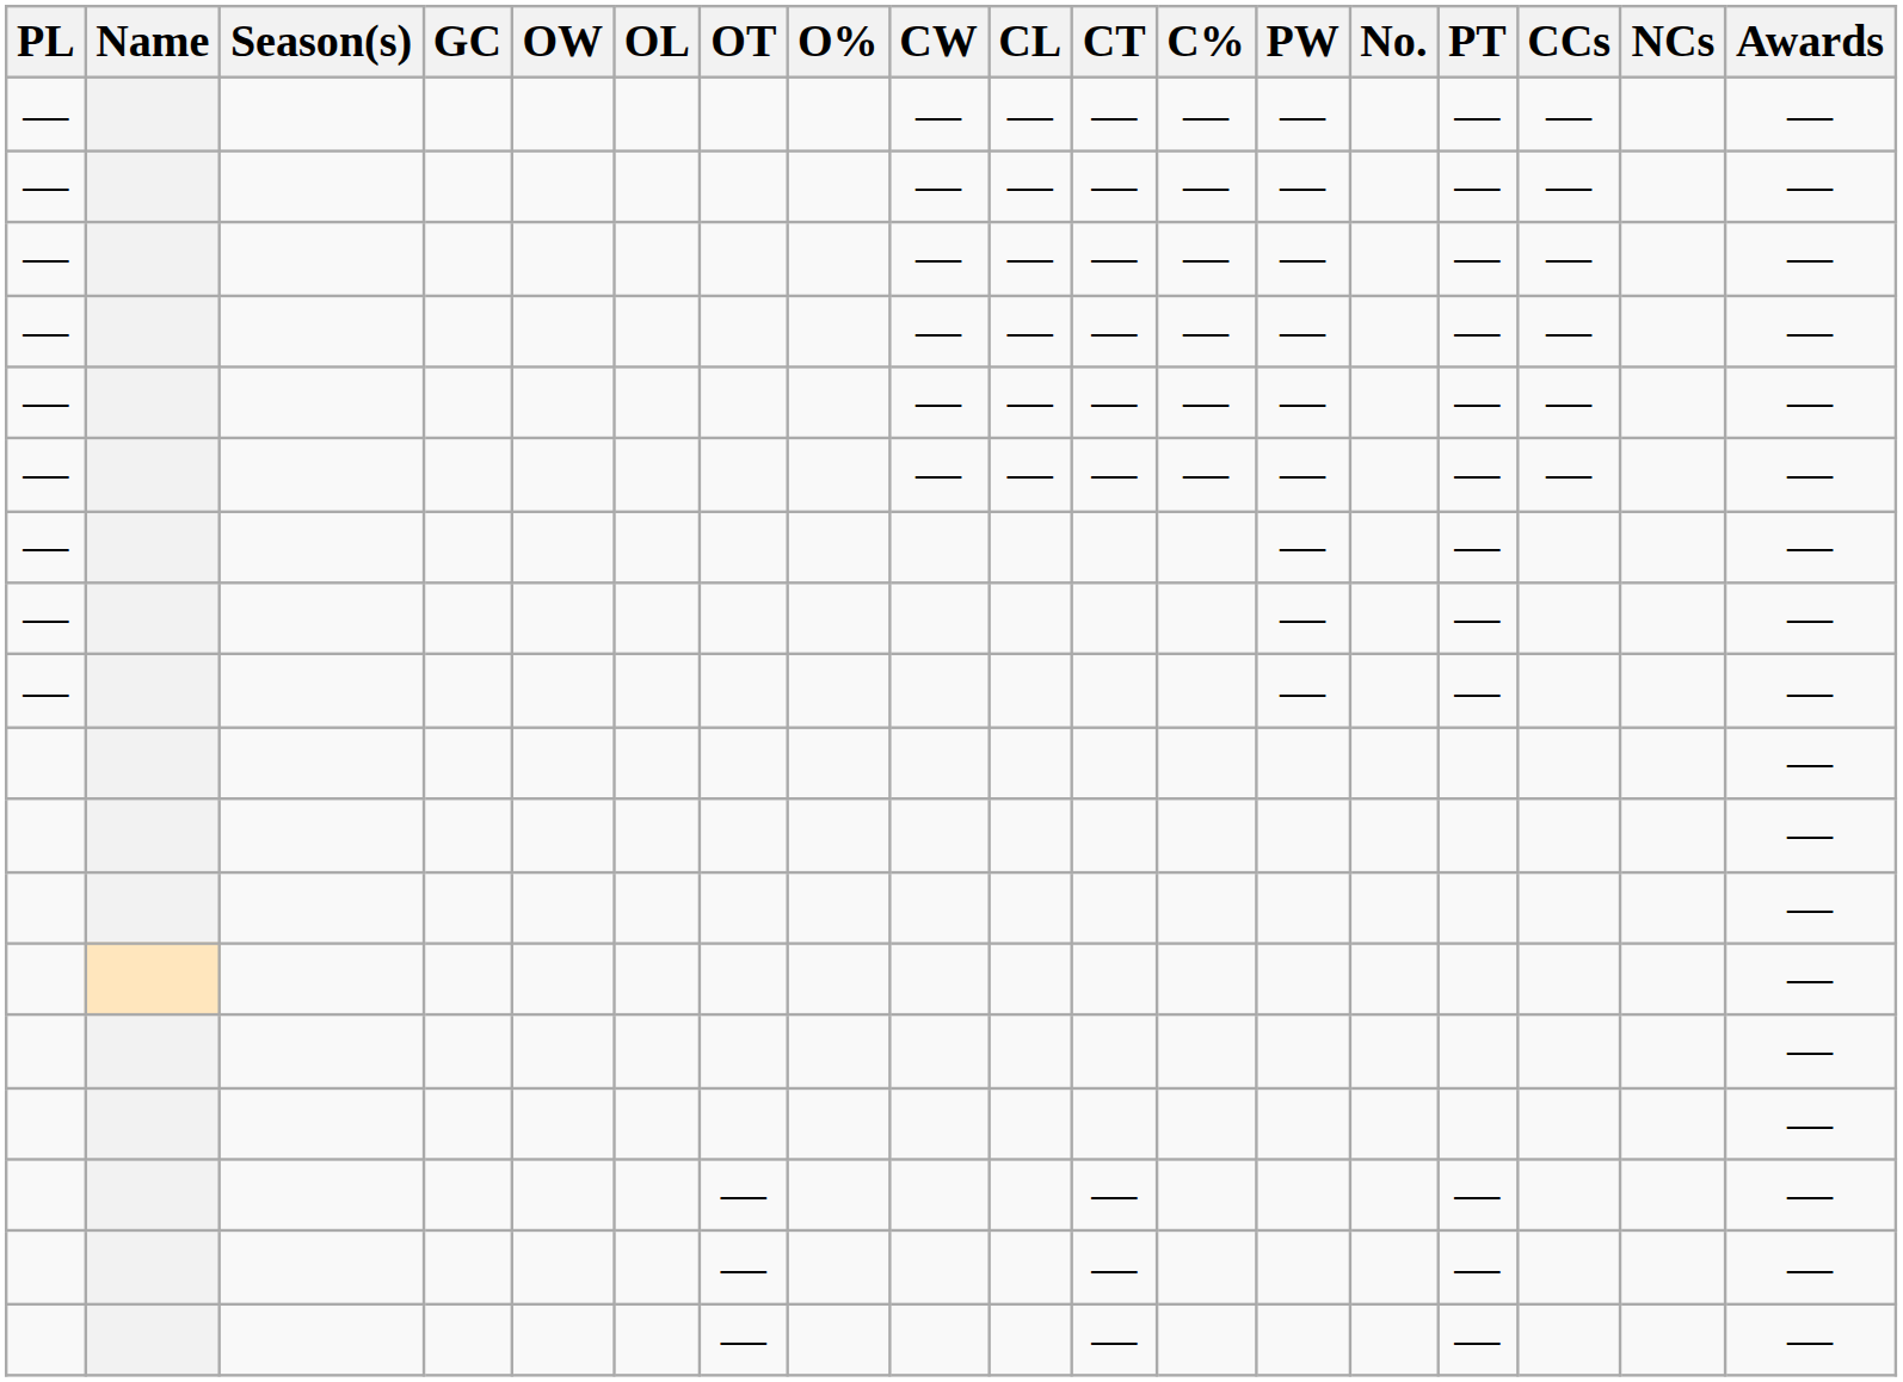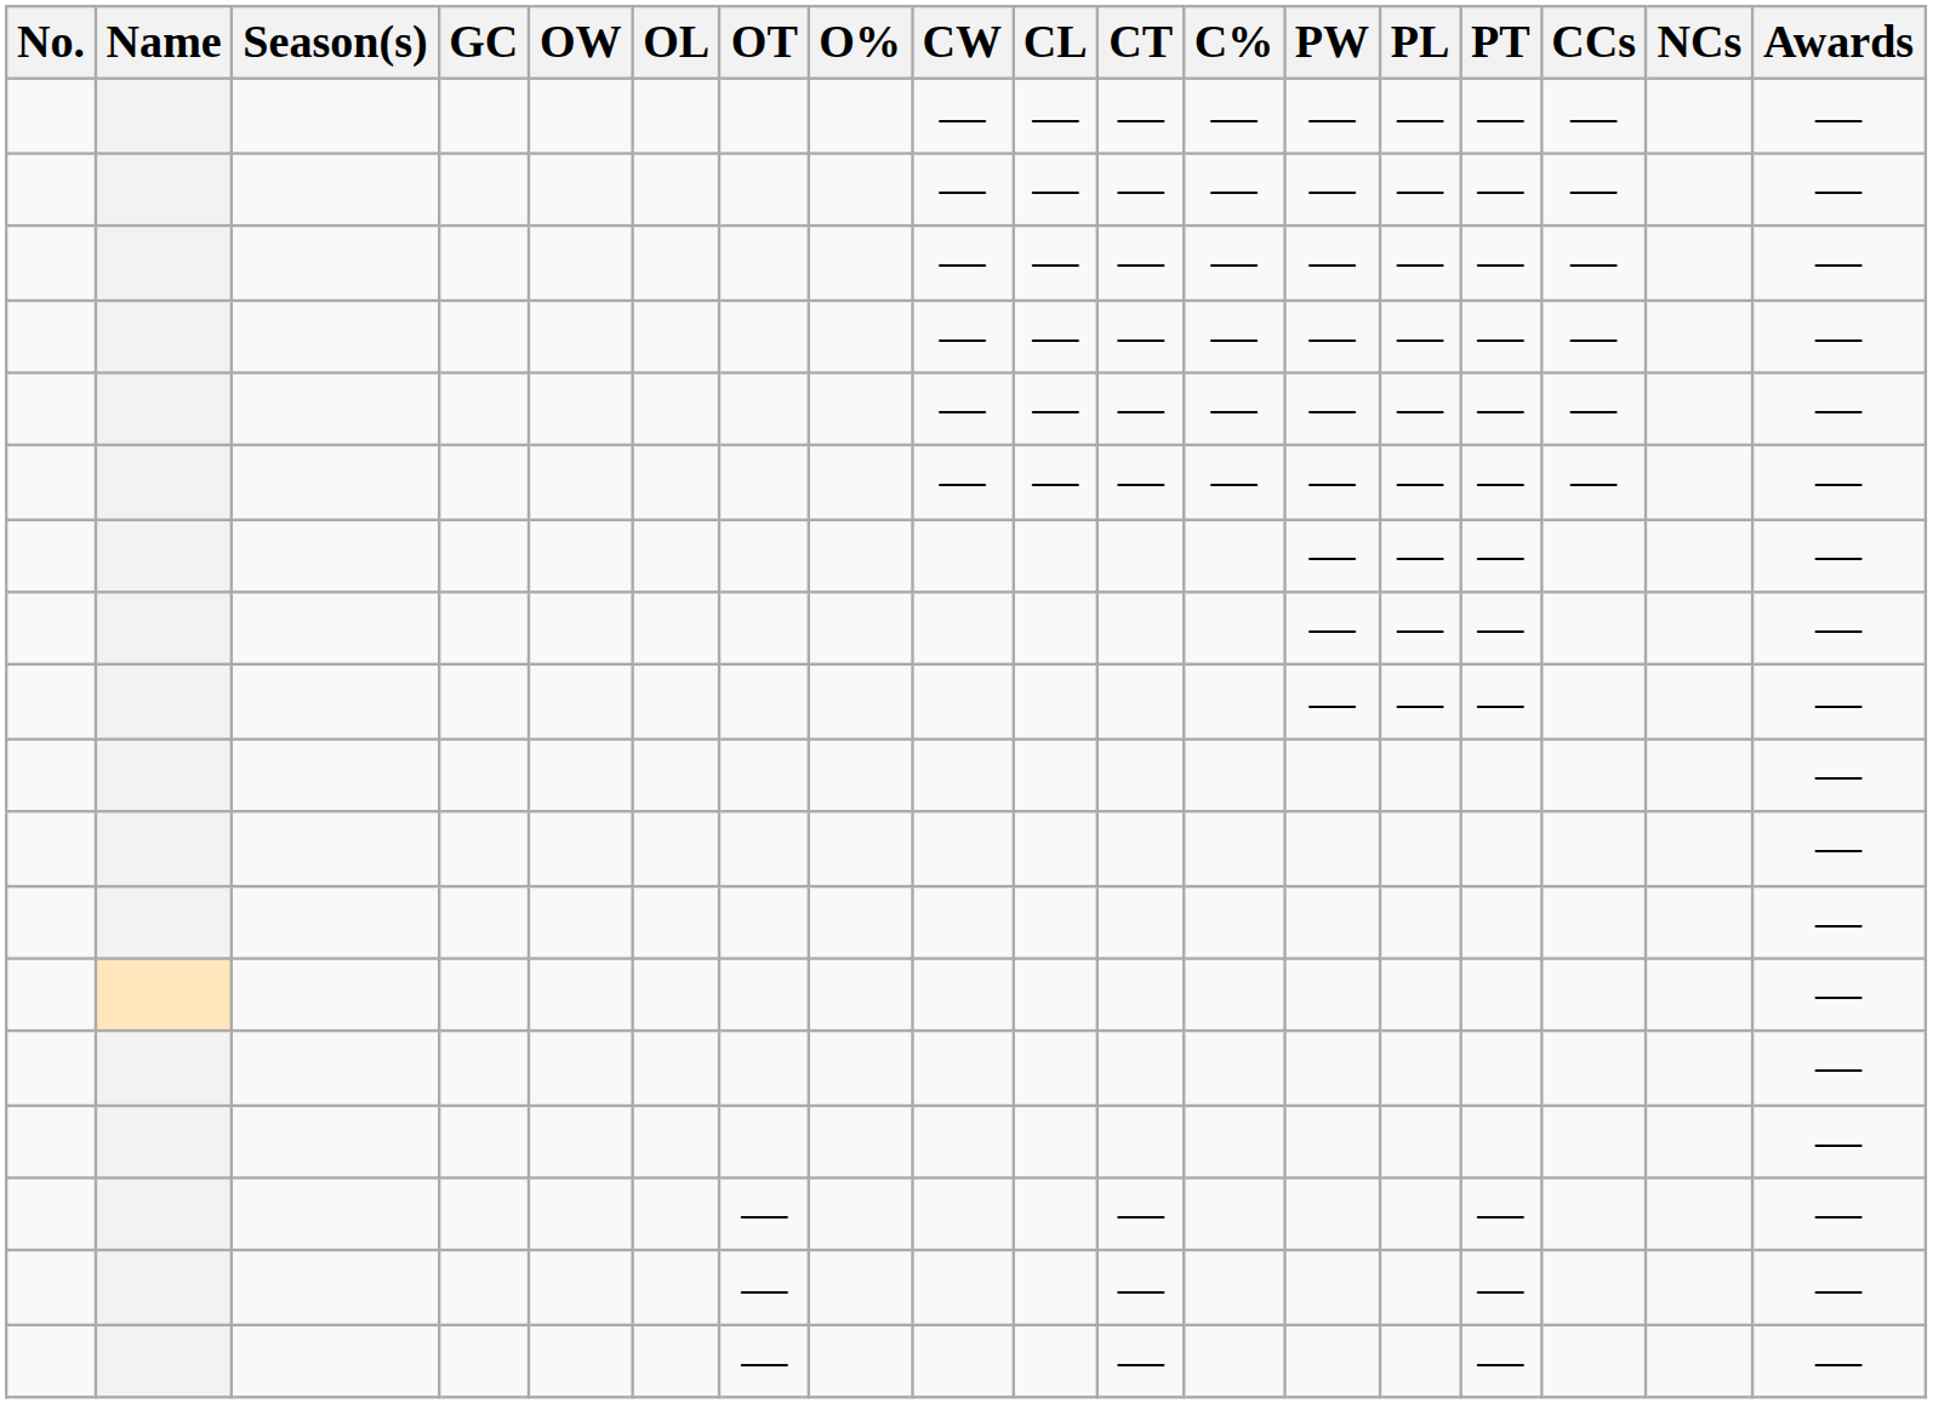 <table class="wikitable sortable" style="text-align:center;">
 <tr>
-<th scope="col">PL</th>
+<th scope="col" class="unsortable">No.</th>
 <th scope="col">Name</th>
 <th scope="col">Season(s)</th>
 <th scope="col">GC</th>
 <th scope="col">OW</th>
 <th scope="col">OL</th>
 <th scope="col">OT</th>
 <th scope="col">O%</th>
 <th scope="col">CW</th>
 <th scope="col">CL</th>
 <th scope="col">CT</th>
 <th scope="col">C%</th>
 <th scope="col">PW</th>
-<th scope="col" class="unsortable">No.</th>
+<th scope="col">PL</th>
 <th scope="col">PT</th>
 <th scope="col">CCs</th>
 <th scope="col">NCs</th>
 <th scope="col" class="unsortable">Awards</th>
 </tr>
 <tr>
-<td>—</td>
+<td></td>
 <th scope="row"></th>
 <td></td>
 <td></td>
 <td></td>
 <td></td>
 <td></td>
 <td></td>
 <td>—</td>
 <td>—</td>
 <td>—</td>
 <td>—</td>
 <td>—</td>
-<td></td>
+<td>—</td>
 <td>—</td>
 <td>—</td>
 <td></td>
 <td>—</td>
 </tr>
 <tr>
-<td>—</td>
+<td></td>
 <th scope="row"></th>
 <td></td>
 <td></td>
 <td></td>
 <td></td>
 <td></td>
 <td></td>
 <td>—</td>
 <td>—</td>
 <td>—</td>
 <td>—</td>
 <td>—</td>
-<td></td>
+<td>—</td>
 <td>—</td>
 <td>—</td>
 <td></td>
 <td>—</td>
 </tr>
 <tr>
-<td>—</td>
+<td></td>
 <th scope="row"></th>
 <td></td>
 <td></td>
 <td></td>
 <td></td>
 <td></td>
 <td></td>
 <td>—</td>
 <td>—</td>
 <td>—</td>
 <td>—</td>
 <td>—</td>
-<td></td>
+<td>—</td>
 <td>—</td>
 <td>—</td>
 <td></td>
 <td>—</td>
 </tr>
 <tr>
-<td>—</td>
+<td></td>
 <th scope="row"></th>
 <td></td>
 <td></td>
 <td></td>
 <td></td>
 <td></td>
 <td></td>
 <td>—</td>
 <td>—</td>
 <td>—</td>
 <td>—</td>
 <td>—</td>
-<td></td>
+<td>—</td>
 <td>—</td>
 <td>—</td>
 <td></td>
 <td>—</td>
 </tr>
 <tr>
-<td>—</td>
+<td></td>
 <th scope="row"></th>
 <td></td>
 <td></td>
 <td></td>
 <td></td>
 <td></td>
 <td></td>
 <td>—</td>
 <td>—</td>
 <td>—</td>
 <td>—</td>
 <td>—</td>
-<td></td>
+<td>—</td>
 <td>—</td>
 <td>—</td>
 <td></td>
 <td>—</td>
 </tr>
 <tr>
-<td>—</td>
+<td></td>
 <th scope="row"></th>
 <td></td>
 <td></td>
 <td></td>
 <td></td>
 <td></td>
 <td></td>
 <td>—</td>
 <td>—</td>
 <td>—</td>
 <td>—</td>
 <td>—</td>
-<td></td>
+<td>—</td>
 <td>—</td>
 <td>—</td>
 <td></td>
 <td>—</td>
 </tr>
 <tr>
-<td>—</td>
+<td></td>
 <th scope="row"></th>
 <td></td>
 <td></td>
 <td></td>
 <td></td>
 <td></td>
 <td></td>
 <td></td>
 <td></td>
 <td></td>
 <td></td>
 <td>—</td>
-<td></td>
+<td>—</td>
 <td>—</td>
 <td></td>
 <td></td>
 <td>—</td>
 </tr>
 <tr>
-<td>—</td>
+<td></td>
 <th scope="row"></th>
 <td></td>
 <td></td>
 <td></td>
 <td></td>
 <td></td>
 <td></td>
 <td></td>
 <td></td>
 <td></td>
 <td></td>
 <td>—</td>
-<td></td>
+<td>—</td>
 <td>—</td>
 <td></td>
 <td></td>
 <td>—</td>
 </tr>
 <tr>
-<td>—</td>
+<td></td>
 <th scope="row"></th>
 <td></td>
 <td></td>
 <td></td>
 <td></td>
 <td></td>
 <td></td>
 <td></td>
 <td></td>
 <td></td>
 <td></td>
 <td>—</td>
-<td></td>
+<td>—</td>
 <td>—</td>
 <td></td>
 <td></td>
 <td>—</td>
 </tr>
 <tr>
 <td></td>
 <th scope="row"></th>
 <td></td>
 <td></td>
 <td></td>
 <td></td>
 <td></td>
 <td></td>
 <td></td>
 <td></td>
 <td></td>
 <td></td>
 <td></td>
 <td></td>
 <td></td>
 <td></td>
 <td></td>
 <td>—</td>
 </tr>
 <tr>
 <td></td>
 <th scope="row"></th>
 <td></td>
 <td></td>
 <td></td>
 <td></td>
 <td></td>
 <td></td>
 <td></td>
 <td></td>
 <td></td>
 <td></td>
 <td></td>
 <td></td>
 <td></td>
 <td></td>
 <td></td>
 <td>—</td>
 </tr>
 <tr>
 <td></td>
 <th scope="row"></th>
 <td></td>
 <td></td>
 <td></td>
 <td></td>
 <td></td>
 <td></td>
 <td></td>
 <td></td>
 <td></td>
 <td></td>
 <td></td>
 <td></td>
 <td></td>
 <td></td>
 <td></td>
 <td>—</td>
 </tr>
 <tr>
 <td></td>
 <td scope="row" align="center" bgcolor=#FFE6BD><strong></strong><sup></sup></td>
 <td></td>
 <td></td>
 <td></td>
 <td></td>
 <td></td>
 <td></td>
 <td></td>
 <td></td>
 <td></td>
 <td></td>
 <td></td>
 <td></td>
 <td></td>
 <td></td>
 <td></td>
 <td>—</td>
 </tr>
 <tr>
 <td></td>
 <th scope="row"></th>
 <td></td>
 <td></td>
 <td></td>
 <td></td>
 <td></td>
 <td></td>
 <td></td>
 <td></td>
 <td></td>
 <td></td>
 <td></td>
 <td></td>
 <td></td>
 <td></td>
 <td></td>
 <td>—</td>
 </tr>
 <tr>
 <td></td>
 <th scope="row"></th>
 <td></td>
 <td></td>
 <td></td>
 <td></td>
 <td></td>
 <td></td>
 <td></td>
 <td></td>
 <td></td>
 <td></td>
 <td></td>
 <td></td>
 <td></td>
 <td></td>
 <td></td>
 <td>—</td>
 </tr>
 <tr>
 <td></td>
 <th scope="row"></th>
 <td></td>
 <td></td>
 <td></td>
 <td></td>
 <td>—</td>
 <td></td>
 <td></td>
 <td></td>
 <td>—</td>
 <td></td>
 <td></td>
 <td></td>
 <td>—</td>
 <td></td>
 <td></td>
 <td>—</td>
 </tr>
 <tr>
 <td></td>
 <th scope="row"></th>
 <td></td>
 <td></td>
 <td></td>
 <td></td>
 <td>—</td>
 <td></td>
 <td></td>
 <td></td>
 <td>—</td>
 <td></td>
 <td></td>
 <td></td>
 <td>—</td>
 <td></td>
 <td></td>
 <td>—</td>
 </tr>
 <tr>
 <td></td>
 <th scope="row"></th>
 <td></td>
 <td></td>
 <td></td>
 <td></td>
 <td>—</td>
 <td></td>
 <td></td>
 <td></td>
 <td>—</td>
 <td></td>
 <td></td>
 <td></td>
 <td>—</td>
 <td></td>
 <td></td>
 <td>—</td>
 </tr>
 </table>
